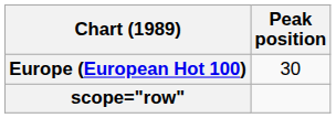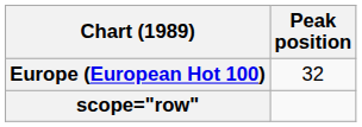 <table class="wikitable sortable plainrowheaders">
 <tr>
 <th>Chart (1989)</th>
 <th>Peak<br>position</th>
 </tr>
 <tr>
 <th scope="row">Europe (<a href='#'>European Hot 100</a>)</th>
-<td align="center">30</td>
+<td align="center">32</td>
 </tr>
 <tr>
 <th>scope="row"</th>
 </tr>
 </table>
